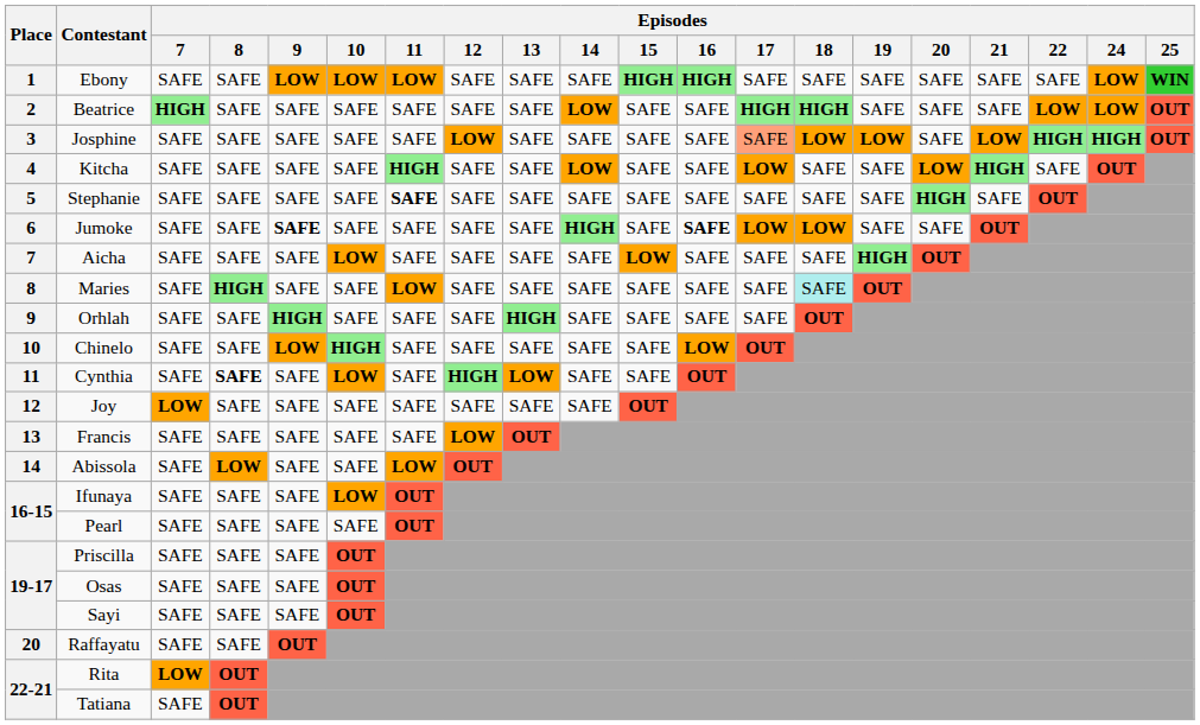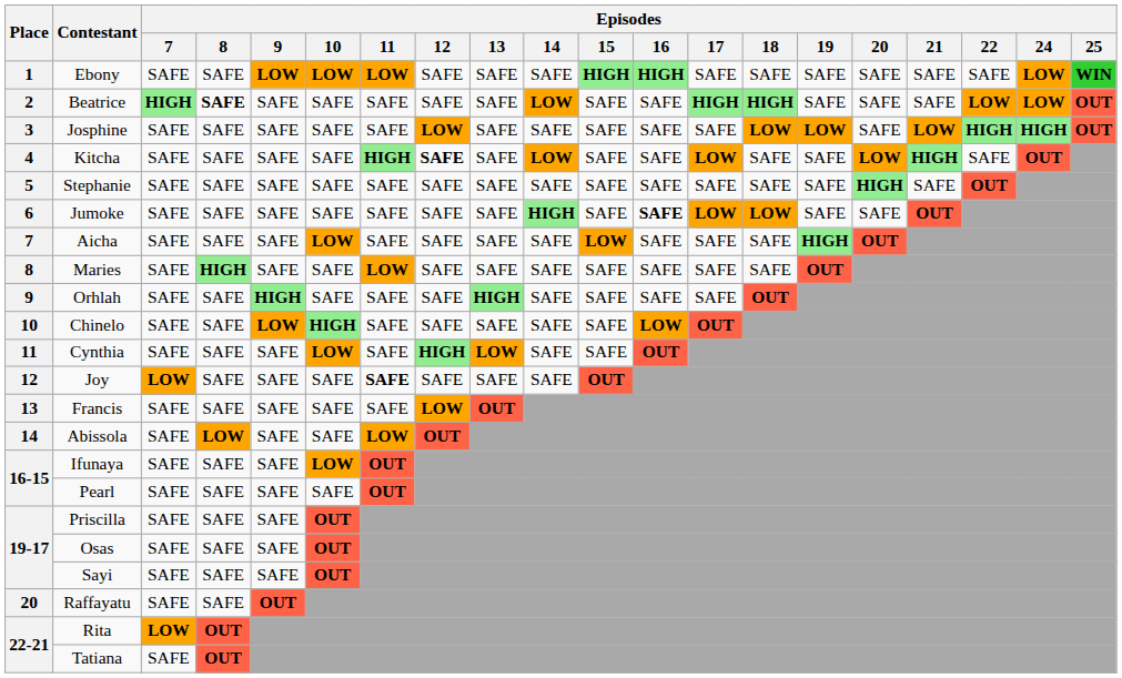 <table class="wikitable" style="text-align:center; font-size:92%">
 <tr>
 <th rowspan="2">Place</th>
 <th rowspan="2">Contestant</th>
 <th colspan="18">Episodes</th>
 </tr>
 <tr>
 <th>7</th>
 <th>8</th>
 <th>9</th>
 <th>10</th>
 <th>11</th>
 <th>12</th>
 <th>13</th>
 <th>14</th>
 <th>15</th>
 <th>16</th>
 <th>17</th>
 <th>18</th>
 <th>19</th>
 <th>20</th>
 <th>21</th>
 <th>22</th>
 <th>24</th>
 <th>25</th>
 </tr>
 <tr>
 <th>1</th>
 <td>Ebony</td>
 <td>SAFE</td>
 <td>SAFE</td>
 <td style="background:orange;"><strong>LOW</strong></td>
 <td style="background:orange;"><strong>LOW</strong></td>
 <td style="background:orange;"><strong>LOW</strong></td>
 <td>SAFE</td>
 <td>SAFE</td>
 <td>SAFE</td>
 <td style="background:lightgreen;"><span><strong>HIGH</strong></span></td>
 <td style="background:lightgreen;"><span><strong>HIGH</strong></span></td>
 <td>SAFE</td>
 <td>SAFE</td>
 <td>SAFE</td>
 <td>SAFE</td>
 <td>SAFE</td>
 <td>SAFE</td>
 <td style="background:orange;"><strong>LOW</strong></td>
 <td style="background:limegreen;"><strong>WIN</strong></td>
 </tr>
 <tr>
 <th>2</th>
 <td>Beatrice</td>
 <td style="background:lightgreen;"><span><strong>HIGH</strong></span></td>
-<td>SAFE</td>
+<td><strong>SAFE</strong></td>
 <td>SAFE</td>
 <td>SAFE</td>
 <td>SAFE</td>
 <td>SAFE</td>
 <td>SAFE</td>
 <td style="background:orange;"><strong>LOW</strong></td>
 <td>SAFE</td>
 <td>SAFE</td>
 <td style="background:lightgreen;"><span><strong>HIGH</strong></span></td>
 <td style="background:lightgreen;"><span><strong>HIGH</strong></span></td>
 <td>SAFE</td>
 <td>SAFE</td>
 <td>SAFE</td>
 <td style="background:orange;"><strong>LOW</strong></td>
 <td style="background:orange;"><strong>LOW</strong></td>
 <td style="background:tomato;"><strong>OUT</strong></td>
 </tr>
 <tr>
 <th>3</th>
 <td>Josphine</td>
 <td>SAFE</td>
 <td>SAFE</td>
 <td>SAFE</td>
 <td>SAFE</td>
 <td>SAFE</td>
 <td style="background:orange;"><strong>LOW</strong></td>
 <td>SAFE</td>
 <td>SAFE</td>
 <td>SAFE</td>
 <td>SAFE</td>
-<td style="background: lightsalmon;">SAFE</td>
+<td>SAFE</td>
 <td style="background:orange;"><strong>LOW</strong></td>
 <td style="background:orange;"><strong>LOW</strong></td>
 <td>SAFE</td>
 <td style="background:orange;"><strong>LOW</strong></td>
 <td style="background:lightgreen;"><span><strong>HIGH</strong></span></td>
 <td style="background:lightgreen;"><span><strong>HIGH</strong></span></td>
 <td style="background:tomato;"><strong>OUT</strong></td>
 </tr>
 <tr>
 <th>4</th>
 <td>Kitcha</td>
 <td>SAFE</td>
 <td>SAFE</td>
 <td>SAFE</td>
 <td>SAFE</td>
 <td style="background:lightgreen;"><span><strong>HIGH</strong></span></td>
-<td>SAFE</td>
+<td><strong>SAFE</strong></td>
 <td>SAFE</td>
 <td style="background:orange;"><strong>LOW</strong></td>
 <td>SAFE</td>
 <td>SAFE</td>
 <td style="background:orange;"><strong>LOW</strong></td>
 <td>SAFE</td>
 <td>SAFE</td>
 <td style="background:orange;"><strong>LOW</strong></td>
 <td style="background:lightgreen;"><span><strong>HIGH</strong></span></td>
 <td>SAFE</td>
 <td style="background:tomato;"><strong>OUT</strong></td>
 <td colspan="25" style="background:darkgrey"></td>
 </tr>
 <tr>
 <th>5</th>
 <td>Stephanie</td>
 <td>SAFE</td>
 <td>SAFE</td>
 <td>SAFE</td>
 <td>SAFE</td>
-<td><strong>SAFE</strong></td>
+<td>SAFE</td>
 <td>SAFE</td>
 <td>SAFE</td>
 <td>SAFE</td>
 <td>SAFE</td>
 <td>SAFE</td>
 <td>SAFE</td>
 <td>SAFE</td>
 <td>SAFE</td>
 <td style="background:lightgreen;"><span><strong>HIGH</strong></span></td>
 <td>SAFE</td>
 <td style="background:tomato;"><strong>OUT</strong></td>
 <td colspan="25" style="background:darkgrey"></td>
 </tr>
 <tr>
 <th>6</th>
 <td>Jumoke</td>
 <td>SAFE</td>
 <td>SAFE</td>
-<td><strong>SAFE</strong></td>
+<td>SAFE</td>
 <td>SAFE</td>
 <td>SAFE</td>
 <td>SAFE</td>
 <td>SAFE</td>
 <td style="background:lightgreen;"><span><strong>HIGH</strong></span></td>
 <td>SAFE</td>
 <td><strong>SAFE</strong></td>
 <td style="background:orange;"><strong>LOW</strong></td>
 <td style="background:orange;"><strong>LOW</strong></td>
 <td>SAFE</td>
 <td>SAFE</td>
 <td style="background:tomato;"><strong>OUT</strong></td>
 <td colspan="25" style="background:darkgrey"></td>
 </tr>
 <tr>
 <th>7</th>
 <td>Aicha</td>
 <td>SAFE</td>
 <td>SAFE</td>
 <td>SAFE</td>
 <td style="background:orange;"><strong>LOW</strong></td>
 <td>SAFE</td>
 <td>SAFE</td>
 <td>SAFE</td>
 <td>SAFE</td>
 <td style="background:orange;"><strong>LOW</strong></td>
 <td>SAFE</td>
 <td>SAFE</td>
 <td>SAFE</td>
 <td style="background:lightgreen;"><span><strong>HIGH</strong></span></td>
 <td style="background:tomato;"><strong>OUT</strong></td>
 <td colspan="25" style="background:darkgrey"></td>
 </tr>
 <tr>
 <th>8</th>
 <td>Maries</td>
 <td>SAFE</td>
 <td style="background:lightgreen;"><span><strong>HIGH</strong></span></td>
 <td>SAFE</td>
 <td>SAFE</td>
 <td style="background:orange;"><strong>LOW</strong></td>
 <td>SAFE</td>
 <td>SAFE</td>
 <td>SAFE</td>
 <td>SAFE</td>
 <td>SAFE</td>
 <td>SAFE</td>
-<td style="background: paleturquoise;">SAFE</td>
+<td>SAFE</td>
 <td style="background:tomato;"><strong>OUT</strong></td>
 <td colspan="25" style="background:darkgrey"></td>
 </tr>
 <tr>
 <th>9</th>
 <td>Orhlah</td>
 <td>SAFE</td>
 <td>SAFE</td>
 <td style="background:lightgreen;"><span><strong>HIGH</strong></span></td>
 <td>SAFE</td>
 <td>SAFE</td>
 <td>SAFE</td>
 <td style="background:lightgreen;"><span><strong>HIGH</strong></span></td>
 <td>SAFE</td>
 <td>SAFE</td>
 <td>SAFE</td>
 <td>SAFE</td>
 <td style="background:tomato;"><strong>OUT</strong></td>
 <td colspan="25" style="background:darkgrey"></td>
 </tr>
 <tr>
 <th>10</th>
 <td>Chinelo</td>
 <td>SAFE</td>
 <td>SAFE</td>
 <td style="background:orange;"><strong>LOW</strong></td>
 <td style="background:lightgreen;"><span><strong>HIGH</strong></span></td>
 <td>SAFE</td>
 <td>SAFE</td>
 <td>SAFE</td>
 <td>SAFE</td>
 <td>SAFE</td>
 <td style="background:orange;"><strong>LOW</strong></td>
 <td style="background:tomato;"><strong>OUT</strong></td>
 <td colspan="25" style="background:darkgrey"></td>
 </tr>
 <tr>
 <th>11</th>
 <td>Cynthia</td>
 <td>SAFE</td>
-<td><strong>SAFE</strong></td>
+<td>SAFE</td>
 <td>SAFE</td>
 <td style="background:orange;"><strong>LOW</strong></td>
 <td>SAFE</td>
 <td style="background:lightgreen;"><span><strong>HIGH</strong></span></td>
 <td style="background:orange;"><strong>LOW</strong></td>
 <td>SAFE</td>
 <td>SAFE</td>
 <td style="background:tomato;"><strong>OUT</strong></td>
 <td colspan="25" style="background:darkgrey"></td>
 </tr>
 <tr>
 <th>12</th>
 <td>Joy</td>
 <td style="background:orange;"><strong>LOW</strong></td>
 <td>SAFE</td>
 <td>SAFE</td>
 <td>SAFE</td>
-<td>SAFE</td>
+<td><strong>SAFE</strong></td>
 <td>SAFE</td>
 <td>SAFE</td>
 <td>SAFE</td>
 <td style="background:tomato;"><strong>OUT</strong></td>
 <td colspan="25" style="background:darkgrey"></td>
 </tr>
 <tr>
 <th>13</th>
 <td>Francis</td>
 <td>SAFE</td>
 <td>SAFE</td>
 <td>SAFE</td>
 <td>SAFE</td>
 <td>SAFE</td>
 <td style="background:orange;"><strong>LOW</strong></td>
 <td style="background:tomato;"><strong>OUT</strong></td>
 <td colspan="25" style="background:darkgrey"></td>
 </tr>
 <tr>
 <th>14</th>
 <td>Abissola</td>
 <td>SAFE</td>
 <td style="background:orange;"><strong>LOW</strong></td>
 <td>SAFE</td>
 <td>SAFE</td>
 <td style="background:orange;"><strong>LOW</strong></td>
 <td style="background:tomato;"><strong>OUT</strong></td>
 <td colspan="25" style="background:darkgrey"></td>
 </tr>
 <tr>
 <th rowspan=2>16-15</th>
 <td>Ifunaya</td>
 <td>SAFE</td>
 <td>SAFE</td>
 <td>SAFE</td>
 <td style="background:orange;"><strong>LOW</strong></td>
 <td style="background:tomato;"><strong>OUT</strong></td>
 <td colspan="25" style="background:darkgrey"></td>
 </tr>
 <tr>
 <td>Pearl</td>
 <td>SAFE</td>
 <td>SAFE</td>
 <td>SAFE</td>
 <td>SAFE</td>
 <td style="background:tomato;"><strong>OUT</strong></td>
 <td colspan="25" style="background:darkgrey"></td>
 </tr>
 <tr>
 <th rowspan="3">19-17</th>
 <td>Priscilla</td>
 <td>SAFE</td>
 <td>SAFE</td>
 <td>SAFE</td>
 <td style="background:tomato;"><strong>OUT</strong></td>
 <td colspan="25" style="background:darkgrey"></td>
 </tr>
 <tr>
 <td>Osas</td>
 <td>SAFE</td>
 <td>SAFE</td>
 <td>SAFE</td>
 <td style="background:tomato;"><strong>OUT</strong></td>
 <td colspan="25" style="background:darkgrey"></td>
 </tr>
 <tr>
 <td>Sayi</td>
 <td>SAFE</td>
 <td>SAFE</td>
 <td>SAFE</td>
 <td style="background:tomato;"><strong>OUT</strong></td>
 <td colspan="25" style="background:darkgrey"></td>
 </tr>
 <tr>
 <th>20</th>
 <td>Raffayatu</td>
 <td>SAFE</td>
 <td>SAFE</td>
 <td style="background:tomato;"><strong>OUT</strong></td>
 <td colspan="25" style="background:darkgrey"></td>
 </tr>
 <tr>
 <th rowspan="2">22-21</th>
 <td>Rita</td>
 <td style="background:orange;"><strong>LOW</strong></td>
 <td style="background:tomato;"><strong>OUT</strong></td>
 <td colspan="25" style="background:darkgrey"></td>
 </tr>
 <tr>
 <td>Tatiana</td>
 <td>SAFE</td>
 <td style="background:tomato;"><strong>OUT</strong></td>
 <td colspan="25" style="background:darkgrey"></td>
 </tr>
 </table>
